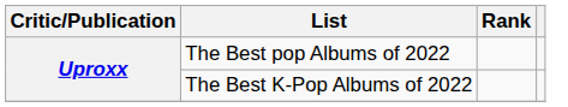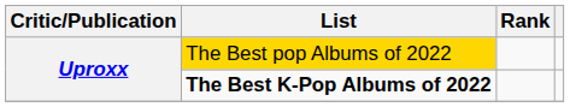 <table class="wikitable plainrowheaders sortable">
 <tr>
 <th>Critic/Publication</th>
 <th scope="col" class="unsortable">List</th>
 <th data-sort-type="number">Rank</th>
 <th scope="col" class="unsortable"></th>
 </tr>
 <tr>
 <th rowspan="2" scope="row"><em><a href='#'>Uproxx</a></em></th>
-<td>The Best pop Albums of 2022</td>
+<td style="background: gold;">The Best pop Albums of 2022</td>
 <td></td>
 <td style="text-align:center;"></td>
 </tr>
 <tr>
-<td>The Best K-Pop Albums of 2022</td>
+<td><strong>The Best K-Pop Albums of 2022</strong></td>
 <td></td>
 <td style="text-align:center;"></td>
 </tr>
 <tr>
 </tr>
 </table>
